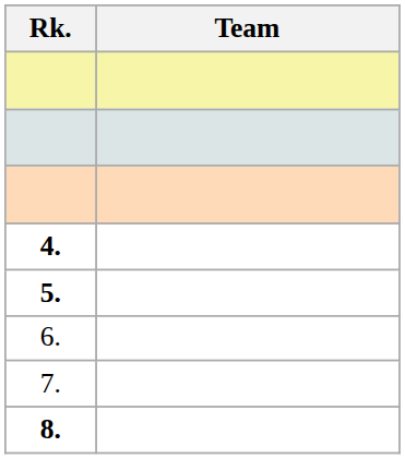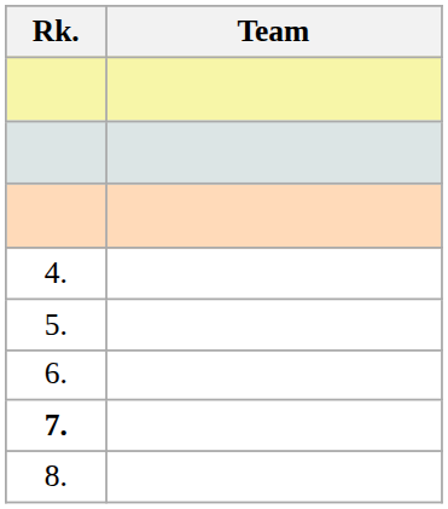 <table class="wikitable" style="border:1px solid #AAAAAA;font-size:90%">
 <tr bgcolor="#E4E4E4">
 <th style="border-bottom:1px solid #AAAAAA" width=40>Rk.</th>
 <th style="border-bottom:1px solid #AAAAAA" width=150>Team</th>
 </tr>
 <tr bgcolor="#F7F6A8">
 <td align="center" style="height:23px"></td>
 <td><strong></strong></td>
 </tr>
 <tr bgcolor="#DCE5E5">
 <td align="center" style="height:23px"></td>
 <td></td>
 </tr>
 <tr bgcolor="#FFDAB9">
 <td align="center" style="height:23px"></td>
 <td></td>
 </tr>
 <tr style="background:#ffffff;">
-<td align="center"><strong>4.</strong></td>
+<td align="center">4.</td>
 <td></td>
 </tr>
 <tr style="background:#ffffff;">
-<td align="center"><strong>5.</strong></td>
+<td align="center">5.</td>
 <td></td>
 </tr>
 <tr style="background:#ffffff;">
 <td align="center">6.</td>
 <td></td>
 </tr>
 <tr style="background:#ffffff;">
-<td align="center">7.</td>
+<td align="center"><strong>7.</strong></td>
 <td></td>
 </tr>
 <tr style="background:#ffffff;">
-<td align="center"><strong>8.</strong></td>
+<td align="center">8.</td>
 <td></td>
 </tr>
 </table>
